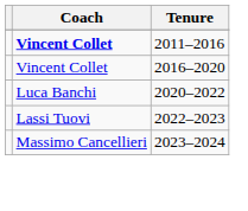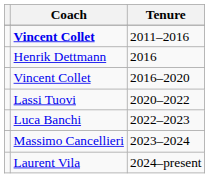 <table class="wikitable">
 <tr>
 <th></th>
 <th>Coach</th>
 <th>Tenure</th>
 </tr>
 <tr>
 </tr>
 <tr>
 <td></td>
 <td><strong><a href='#'>Vincent Collet</a></strong></td>
 <td>2011–2016</td>
 </tr>
 <tr>
 <td></td>
+<td><a href='#'>Henrik Dettmann</a></td>
+<td>2016</td>
+</tr>
+<tr>
+<td></td>
 <td><a href='#'>Vincent Collet</a></td>
 <td>2016–2020</td>
 </tr>
 <tr>
 <td></td>
-<td><a href='#'>Luca Banchi</a></td>
+<td><a href='#'>Lassi Tuovi</a></td>
 <td>2020–2022</td>
 </tr>
 <tr>
 <td></td>
-<td><a href='#'>Lassi Tuovi</a></td>
+<td><a href='#'>Luca Banchi</a></td>
 <td>2022–2023</td>
 </tr>
 <tr>
 <td></td>
 <td><a href='#'>Massimo Cancellieri</a></td>
 <td>2023–2024</td>
 </tr>
+<tr>
+<td></td>
+<td><a href='#'>Laurent Vila</a></td>
+<td>2024–present</td>
+</tr>
 </table>
